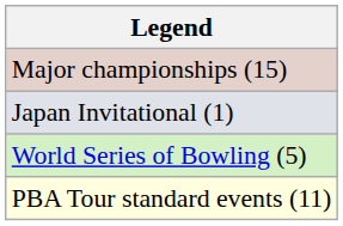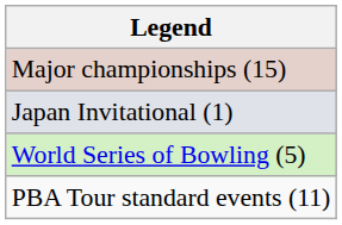 <table class="wikitable" style="font-size:95%;">
 <tr>
 <th>Legend</th>
 </tr>
 <tr style="background:#e5d1cb;">
 <td>Major championships (15)</td>
 </tr>
 <tr style="background:#dfe2e9;">
 <td>Japan Invitational (1)</td>
 </tr>
 <tr style="background:#d4f1c5;">
 <td><a href='#'>World Series of Bowling</a> (5)</td>
 </tr>
 <tr>
-<td style="background: lightyellow;">PBA Tour standard events (11)</td>
+<td>PBA Tour standard events (11)</td>
 </tr>
 </table>
